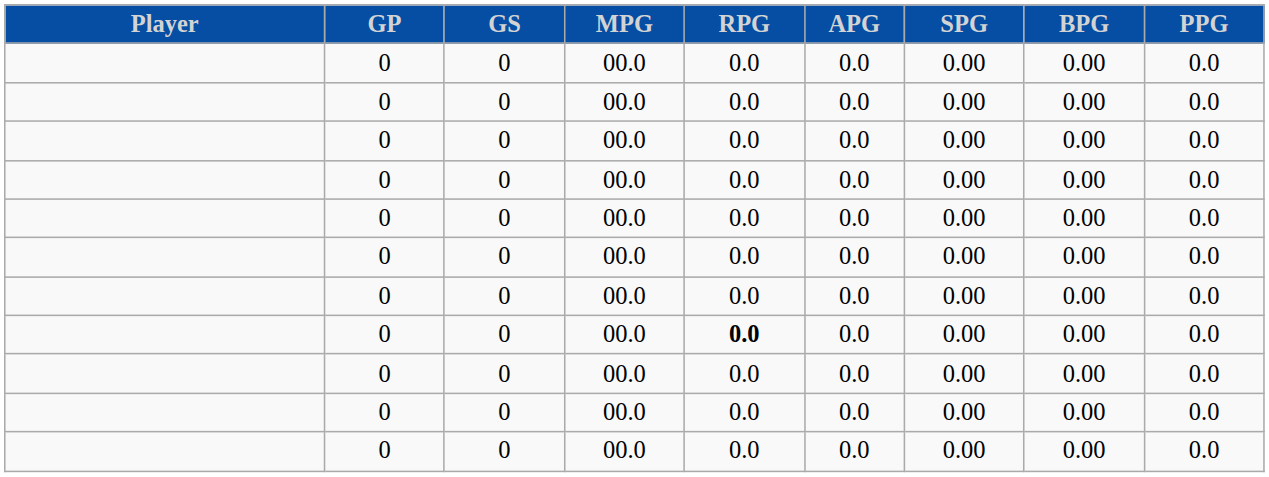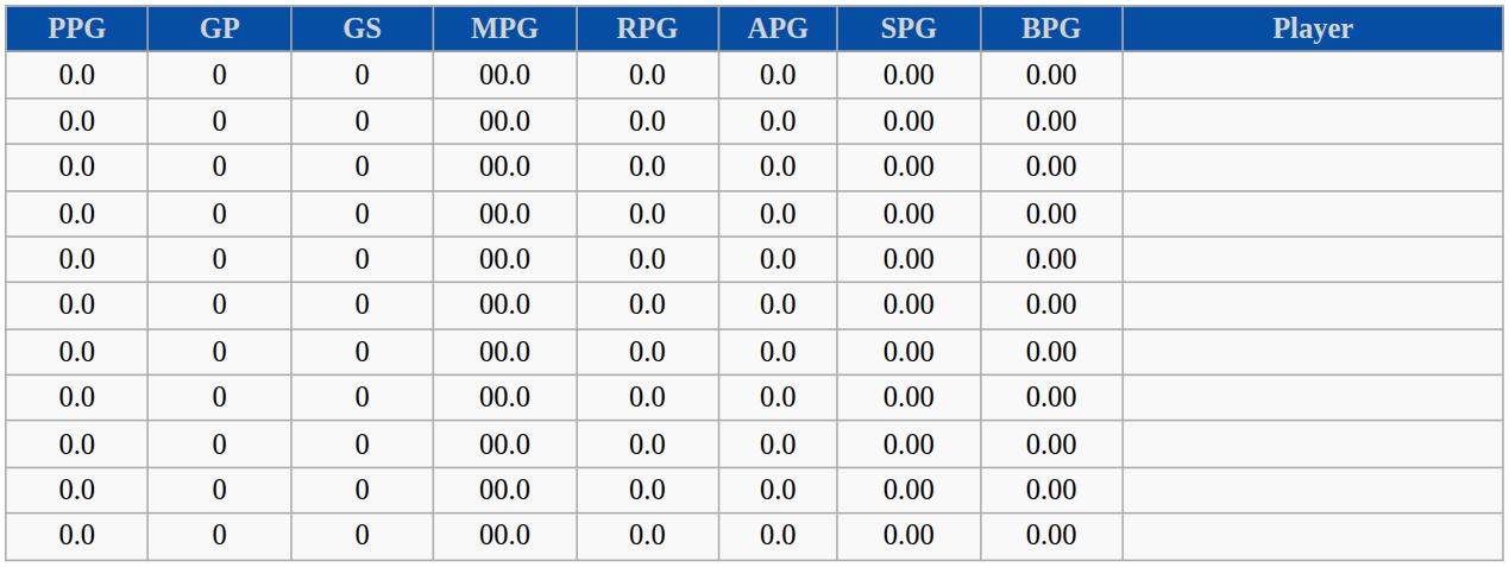 <table class="wikitable sortable" style="text-align:center;">
 <tr>
-<th style="background:#054EA4;color:#D3D3D3;" width="16%">Player</th>
+<th style="background:#054EA4;color:#D3D3D3;" width="6%">PPG</th>
 <th style="background:#054EA4;color:#D3D3D3;" width="6%">GP</th>
 <th style="background:#054EA4;color:#D3D3D3;" width="6%">GS</th>
 <th style="background:#054EA4;color:#D3D3D3;" width="6%">MPG</th>
 <th style="background:#054EA4;color:#D3D3D3;" width="6%">RPG</th>
 <th style="background:#054EA4;color:#D3D3D3;" width="5%">APG</th>
 <th style="background:#054EA4;color:#D3D3D3;" width="6%">SPG</th>
 <th style="background:#054EA4;color:#D3D3D3;" width="6%">BPG</th>
-<th style="background:#054EA4;color:#D3D3D3;" width="6%">PPG</th>
+<th style="background:#054EA4;color:#D3D3D3;" width="16%">Player</th>
 </tr>
 <tr>
-<td></td>
+<td>0.0</td>
 <td>0</td>
 <td>0</td>
 <td>00.0</td>
 <td>0.0</td>
 <td>0.0</td>
 <td>0.00</td>
 <td>0.00</td>
-<td>0.0</td>
+<td></td>
 </tr>
 <tr>
-<td></td>
+<td>0.0</td>
 <td>0</td>
 <td>0</td>
 <td>00.0</td>
 <td>0.0</td>
 <td>0.0</td>
 <td>0.00</td>
 <td>0.00</td>
-<td>0.0</td>
+<td></td>
 </tr>
 <tr>
-<td></td>
+<td>0.0</td>
 <td>0</td>
 <td>0</td>
 <td>00.0</td>
 <td>0.0</td>
 <td>0.0</td>
 <td>0.00</td>
 <td>0.00</td>
-<td>0.0</td>
+<td></td>
 </tr>
 <tr>
-<td></td>
+<td>0.0</td>
 <td>0</td>
 <td>0</td>
 <td>00.0</td>
 <td>0.0</td>
 <td>0.0</td>
 <td>0.00</td>
 <td>0.00</td>
-<td>0.0</td>
+<td></td>
 </tr>
 <tr>
-<td></td>
+<td>0.0</td>
 <td>0</td>
 <td>0</td>
 <td>00.0</td>
 <td>0.0</td>
 <td>0.0</td>
 <td>0.00</td>
 <td>0.00</td>
-<td>0.0</td>
+<td></td>
 </tr>
 <tr>
-<td></td>
+<td>0.0</td>
 <td>0</td>
 <td>0</td>
 <td>00.0</td>
 <td>0.0</td>
 <td>0.0</td>
 <td>0.00</td>
 <td>0.00</td>
-<td>0.0</td>
+<td></td>
 </tr>
 <tr>
-<td></td>
+<td>0.0</td>
 <td>0</td>
 <td>0</td>
 <td>00.0</td>
 <td>0.0</td>
 <td>0.0</td>
 <td>0.00</td>
 <td>0.00</td>
-<td>0.0</td>
+<td></td>
 </tr>
 <tr>
-<td></td>
-<td>0</td>
-<td>0</td>
-<td>00.0</td>
-<td><strong>0.0</strong></td>
 <td>0.0</td>
-<td>0.00</td>
-<td>0.00</td>
-<td>0.0</td>
-</tr>
-<tr>
-<td></td>
 <td>0</td>
 <td>0</td>
 <td>00.0</td>
 <td>0.0</td>
 <td>0.0</td>
 <td>0.00</td>
 <td>0.00</td>
-<td>0.0</td>
+<td></td>
 </tr>
 <tr>
-<td></td>
+<td>0.0</td>
 <td>0</td>
 <td>0</td>
 <td>00.0</td>
 <td>0.0</td>
 <td>0.0</td>
 <td>0.00</td>
 <td>0.00</td>
-<td>0.0</td>
+<td></td>
 </tr>
 <tr>
-<td></td>
+<td>0.0</td>
 <td>0</td>
 <td>0</td>
 <td>00.0</td>
 <td>0.0</td>
 <td>0.0</td>
 <td>0.00</td>
 <td>0.00</td>
+<td></td>
+</tr>
+<tr>
 <td>0.0</td>
+<td>0</td>
+<td>0</td>
+<td>00.0</td>
+<td>0.0</td>
+<td>0.0</td>
+<td>0.00</td>
+<td>0.00</td>
+<td></td>
 </tr>
 </table>
